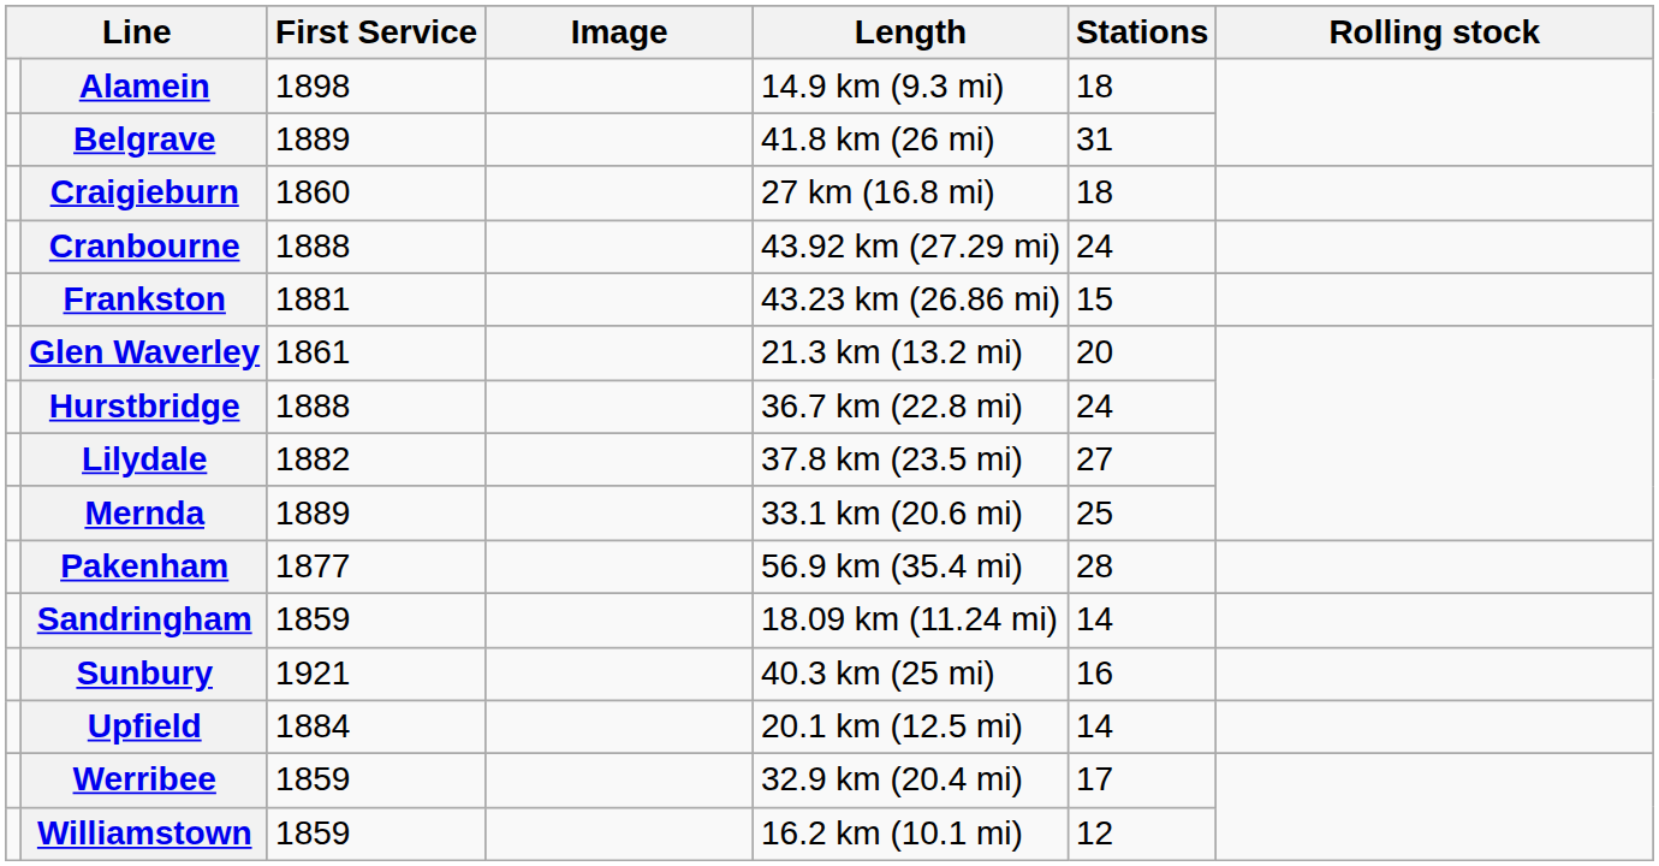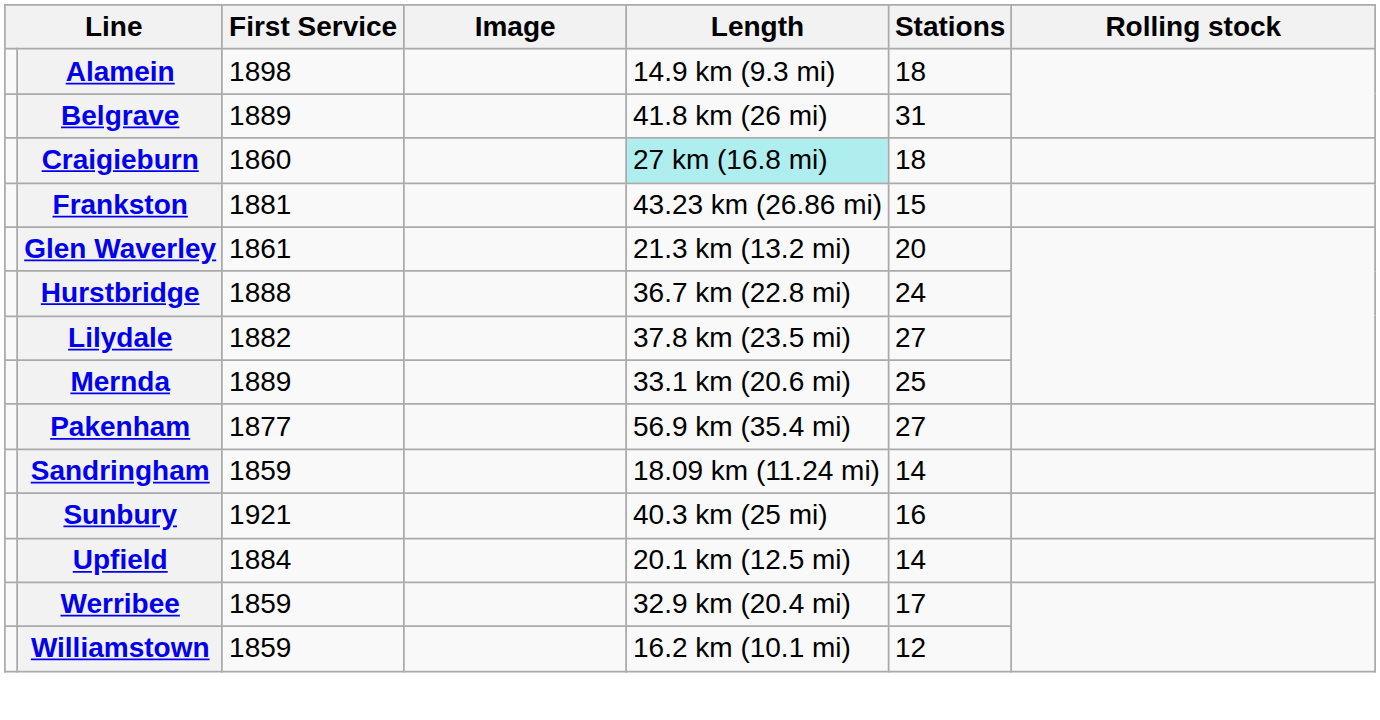 <table class="wikitable sortable">
 <tr>
 <th colspan="2">Line</th>
 <th>First Service</th>
 <th style="width: 120px;">Image</th>
 <th>Length</th>
 <th>Stations</th>
 <th style="width: 200px;">Rolling stock</th>
 </tr>
 <tr>
 <td style="background-color:#"></td>
 <th><a href='#'>Alamein</a></th>
 <td>1898</td>
 <td></td>
 <td>14.9 km (9.3 mi)</td>
 <td>18</td>
 <td rowspan="2"></td>
 </tr>
 <tr>
 <td style="background-color:#"></td>
 <th><a href='#'>Belgrave</a></th>
 <td>1889</td>
 <td></td>
 <td>41.8 km (26 mi)</td>
 <td>31</td>
 </tr>
 <tr>
 <td style="background-color:#"></td>
 <th><a href='#'>Craigieburn</a></th>
 <td>1860</td>
 <td></td>
-<td>27 km (16.8 mi)</td>
+<td style="background: paleturquoise;">27 km (16.8 mi)</td>
 <td>18</td>
-<td></td>
-</tr>
-<tr>
-<td style="background-color:#"></td>
-<th><a href='#'>Cranbourne</a></th>
-<td>1888</td>
-<td></td>
-<td>43.92 km (27.29 mi)</td>
-<td>24</td>
 <td></td>
 </tr>
 <tr>
 <td style="background-color:#"></td>
 <th><a href='#'>Frankston</a></th>
 <td>1881</td>
 <td></td>
 <td>43.23 km (26.86 mi)</td>
 <td>15</td>
 <td></td>
 </tr>
 <tr>
 <td style="background-color:#"></td>
 <th><a href='#'>Glen Waverley</a></th>
 <td>1861</td>
 <td></td>
 <td>21.3 km (13.2 mi)</td>
 <td>20</td>
 <td rowspan="4"></td>
 </tr>
 <tr>
 <td style="background-color:#"></td>
 <th><a href='#'>Hurstbridge</a></th>
 <td>1888</td>
 <td></td>
 <td>36.7 km (22.8 mi)</td>
 <td>24</td>
 </tr>
 <tr>
 <td style="background-color:#"></td>
 <th><a href='#'>Lilydale</a></th>
 <td>1882</td>
 <td></td>
 <td>37.8 km (23.5 mi)</td>
 <td>27</td>
 </tr>
 <tr>
 <td style="background-color:#"></td>
 <th><a href='#'>Mernda</a></th>
 <td>1889</td>
 <td></td>
 <td>33.1 km (20.6 mi)</td>
 <td>25</td>
 </tr>
 <tr>
 <td style="background-color:#"></td>
 <th><a href='#'>Pakenham</a></th>
 <td>1877</td>
 <td></td>
 <td>56.9 km (35.4 mi)</td>
-<td>28</td>
+<td>27</td>
 <td></td>
 </tr>
 <tr>
 <td style="background-color:#"></td>
 <th><a href='#'>Sandringham</a></th>
 <td>1859</td>
 <td></td>
 <td>18.09 km (11.24 mi)</td>
 <td>14</td>
 <td></td>
 </tr>
 <tr>
 <td style="background-color:#"></td>
 <th><a href='#'>Sunbury</a></th>
 <td>1921</td>
 <td></td>
 <td>40.3 km (25 mi)</td>
 <td>16</td>
 <td></td>
 </tr>
 <tr>
 <td style="background-color:#"></td>
 <th><a href='#'>Upfield</a></th>
 <td>1884</td>
 <td></td>
 <td>20.1 km (12.5 mi)</td>
 <td>14</td>
 <td></td>
 </tr>
 <tr>
 <td style="background-color:#"></td>
 <th><a href='#'>Werribee</a></th>
 <td>1859</td>
 <td></td>
 <td>32.9 km (20.4 mi)</td>
 <td>17</td>
 <td rowspan="2"></td>
 </tr>
 <tr>
 <td style="background-color:#"></td>
 <th><a href='#'>Williamstown</a></th>
 <td>1859</td>
 <td></td>
 <td>16.2 km (10.1 mi)</td>
 <td>12</td>
 </tr>
 </table>
